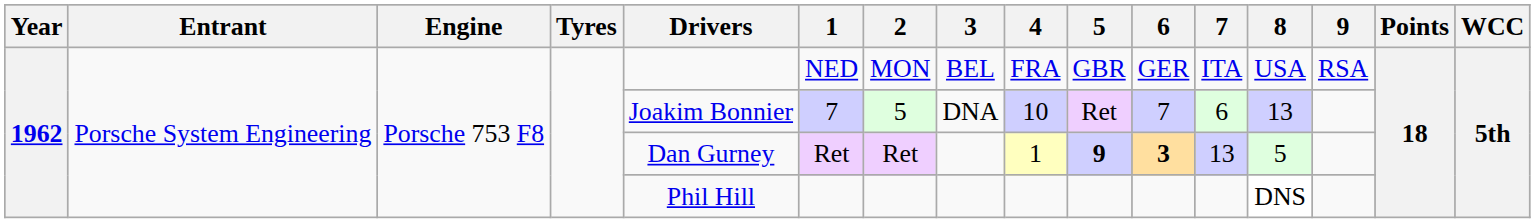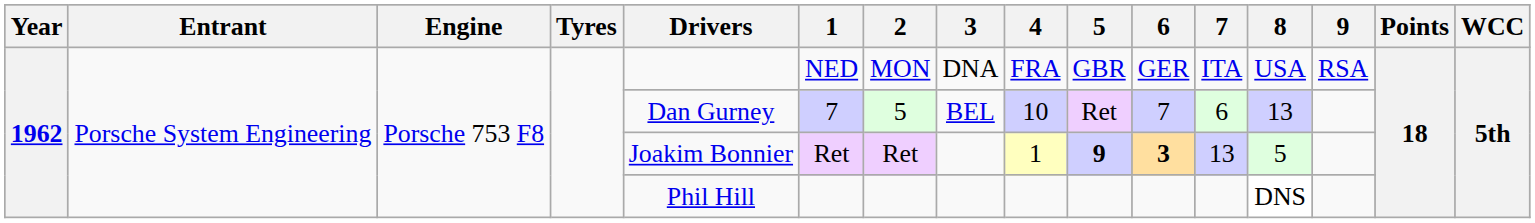 <table class="wikitable" style="text-align:center; font-size:95%">
 <tr>
 <th>Year</th>
 <th>Entrant</th>
 <th>Engine</th>
 <th>Tyres</th>
 <th>Drivers</th>
 <th>1</th>
 <th>2</th>
 <th>3</th>
 <th>4</th>
 <th>5</th>
 <th>6</th>
 <th>7</th>
 <th>8</th>
 <th>9</th>
 <th>Points</th>
 <th>WCC</th>
 </tr>
 <tr>
 <th rowspan="4"><a href='#'>1962</a></th>
 <td rowspan="4"><a href='#'>Porsche System Engineering</a></td>
 <td rowspan="4"><a href='#'>Porsche</a> 753 <a href='#'>F8</a></td>
 <td rowspan="4"></td>
 <td></td>
 <td><a href='#'>NED</a></td>
 <td><a href='#'>MON</a></td>
-<td><a href='#'>BEL</a></td>
+<td>DNA</td>
 <td><a href='#'>FRA</a></td>
 <td><a href='#'>GBR</a></td>
 <td><a href='#'>GER</a></td>
 <td><a href='#'>ITA</a></td>
 <td><a href='#'>USA</a></td>
 <td><a href='#'>RSA</a></td>
 <th rowspan="4">18</th>
 <th rowspan="4">5th</th>
 </tr>
 <tr>
-<td><a href='#'>Joakim Bonnier</a></td>
+<td><a href='#'>Dan Gurney</a></td>
 <td style="background:#CFCFFF;">7</td>
 <td style="background:#DFFFDF;">5</td>
-<td>DNA</td>
+<td><a href='#'>BEL</a></td>
 <td style="background:#CFCFFF;">10</td>
 <td style="background:#EFCFFF;">Ret</td>
 <td style="background:#CFCFFF;">7</td>
 <td style="background:#DFFFDF;">6</td>
 <td style="background:#CFCFFF;">13</td>
 <td></td>
 </tr>
 <tr>
-<td><a href='#'>Dan Gurney</a></td>
+<td><a href='#'>Joakim Bonnier</a></td>
 <td style="background:#EFCFFF;">Ret</td>
 <td style="background:#EFCFFF;">Ret</td>
 <td></td>
 <td style="background:#FFFFBF;">1</td>
 <td style="background:#CFCFFF;"><strong>9</strong></td>
 <td style="background:#FFDF9F;"><strong>3</strong></td>
 <td style="background:#CFCFFF;">13</td>
 <td style="background:#DFFFDF;">5</td>
 <td></td>
 </tr>
 <tr>
 <td><a href='#'>Phil Hill</a></td>
 <td></td>
 <td></td>
 <td></td>
 <td></td>
 <td></td>
 <td></td>
 <td></td>
 <td style="background:#FFFFFF;">DNS</td>
 <td></td>
 </tr>
 </table>
